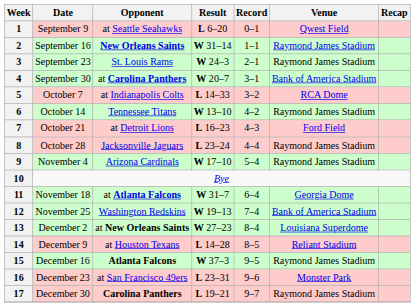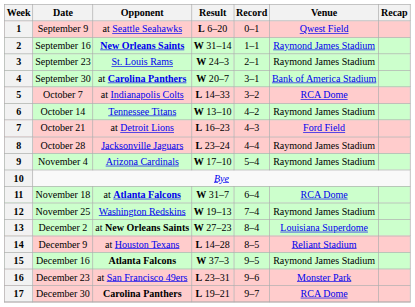 <table class="wikitable" style="font-size: 95%">
 <tr>
 <th>Week</th>
 <th>Date</th>
 <th>Opponent</th>
 <th>Result</th>
 <th>Record</th>
 <th>Venue</th>
 <th>Recap</th>
 </tr>
 <tr style="background: #fcc;" align="center">
 <th>1</th>
 <td>September 9</td>
 <td>at <a href='#'>Seattle Seahawks</a></td>
 <td><strong>L</strong> 6–20</td>
 <td>0–1</td>
 <td><a href='#'>Qwest Field</a></td>
 <td></td>
 </tr>
 <tr style="background: #cfc;" align="center">
 <th>2</th>
 <td>September 16</td>
 <td><strong><a href='#'>New Orleans Saints</a></strong></td>
 <td><strong>W</strong> 31–14</td>
 <td>1–1</td>
 <td><a href='#'>Raymond James Stadium</a></td>
 <td></td>
 </tr>
 <tr style="background: #cfc;" align="center">
 <th>3</th>
 <td>September 23</td>
 <td><a href='#'>St. Louis Rams</a></td>
 <td><strong>W</strong> 24–3</td>
 <td>2–1</td>
 <td>Raymond James Stadium</td>
 <td></td>
 </tr>
 <tr style="background: #cfc;" align="center">
 <th>4</th>
 <td>September 30</td>
 <td>at <strong><a href='#'>Carolina Panthers</a></strong></td>
 <td><strong>W</strong> 20–7</td>
 <td>3–1</td>
 <td><a href='#'>Bank of America Stadium</a></td>
 <td></td>
 </tr>
 <tr style="background: #fcc;" align="center">
 <th>5</th>
 <td>October 7</td>
 <td>at <a href='#'>Indianapolis Colts</a></td>
 <td><strong>L</strong> 14–33</td>
 <td>3–2</td>
 <td><a href='#'>RCA Dome</a></td>
 <td></td>
 </tr>
 <tr style="background: #cfc;" align="center">
 <th>6</th>
 <td>October 14</td>
 <td><a href='#'>Tennessee Titans</a></td>
 <td><strong>W</strong> 13–10</td>
 <td>4–2</td>
 <td>Raymond James Stadium</td>
 <td></td>
 </tr>
 <tr style="background: #fcc;" align="center">
 <th>7</th>
 <td>October 21</td>
 <td>at <a href='#'>Detroit Lions</a></td>
 <td><strong>L</strong> 16–23</td>
 <td>4–3</td>
 <td><a href='#'>Ford Field</a></td>
 <td></td>
 </tr>
 <tr style="background: #fcc;" align="center">
 <th>8</th>
 <td>October 28</td>
 <td><a href='#'>Jacksonville Jaguars</a></td>
 <td><strong>L</strong> 23–24</td>
 <td>4–4</td>
 <td>Raymond James Stadium</td>
 <td></td>
 </tr>
 <tr style="background: #cfc;" align="center">
 <th>9</th>
 <td>November 4</td>
 <td><a href='#'>Arizona Cardinals</a></td>
 <td><strong>W</strong> 17–10</td>
 <td>5–4</td>
 <td>Raymond James Stadium</td>
 <td></td>
 </tr>
 <tr>
 <th>10</th>
 <td colspan="7"  style="text-align:center; vertical-align:middle;"><em><a href='#'>Bye</a></em></td>
 </tr>
 <tr style="background: #cfc;" align="center">
 <th>11</th>
 <td>November 18</td>
 <td>at <strong><a href='#'>Atlanta Falcons</a></strong></td>
 <td><strong>W</strong> 31–7</td>
 <td>6–4</td>
-<td><a href='#'>Georgia Dome</a></td>
+<td><a href='#'>RCA Dome</a></td>
 <td></td>
 </tr>
 <tr style="background: #cfc;" align="center">
 <th>12</th>
 <td>November 25</td>
 <td><a href='#'>Washington Redskins</a></td>
 <td><strong>W</strong> 19–13</td>
 <td>7–4</td>
-<td><a href='#'>Bank of America Stadium</a></td>
+<td>Raymond James Stadium</td>
 <td></td>
 </tr>
 <tr style="background: #cfc;" align="center">
 <th>13</th>
 <td>December 2</td>
 <td>at <strong>New Orleans Saints</strong></td>
 <td><strong>W</strong> 27–23</td>
 <td>8–4</td>
 <td><a href='#'>Louisiana Superdome</a></td>
 <td></td>
 </tr>
 <tr style="background: #fcc;" align="center">
 <th>14</th>
 <td>December 9</td>
 <td>at <a href='#'>Houston Texans</a></td>
 <td><strong>L</strong> 14–28</td>
 <td>8–5</td>
 <td><a href='#'>Reliant Stadium</a></td>
 <td></td>
 </tr>
 <tr style="background: #cfc;" align="center">
 <th>15</th>
 <td>December 16</td>
 <td><strong>Atlanta Falcons</strong></td>
 <td><strong>W</strong> 37–3</td>
 <td>9–5</td>
 <td>Raymond James Stadium</td>
 <td></td>
 </tr>
 <tr style="background: #fcc;" align="center">
 <th>16</th>
 <td>December 23</td>
 <td>at <a href='#'>San Francisco 49ers</a></td>
 <td><strong>L</strong> 23–31</td>
 <td>9–6</td>
 <td><a href='#'>Monster Park</a></td>
 <td></td>
 </tr>
 <tr style="background: #fcc;" align="center">
 <th>17</th>
 <td>December 30</td>
 <td><strong>Carolina Panthers</strong></td>
 <td><strong>L</strong> 19–21</td>
 <td>9–7</td>
-<td>Raymond James Stadium</td>
+<td><a href='#'>RCA Dome</a></td>
 <td></td>
 </tr>
 <tr>
 </tr>
 </table>
